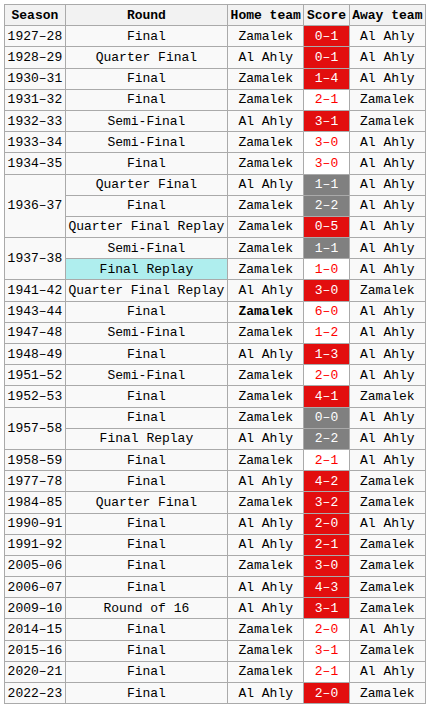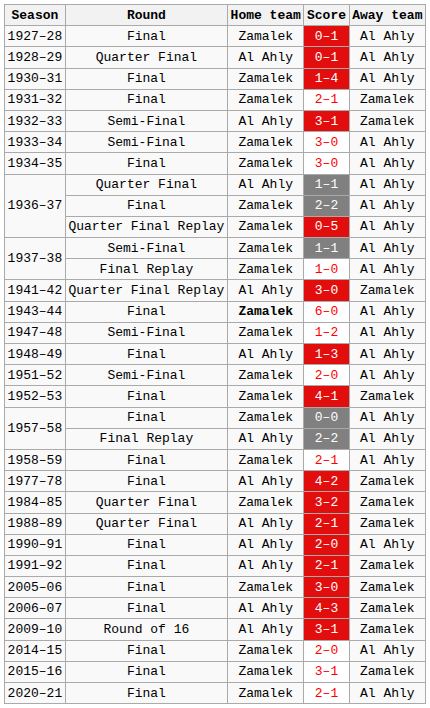 <table class="wikitable" style="text-align: center;">
 <tr>
 <th>Season</th>
 <th>Round</th>
 <th>Home team</th>
 <th>Score</th>
 <th>Away team</th>
 </tr>
 <tr>
 <td>1927–28</td>
 <td>Final</td>
 <td>Zamalek</td>
 <td style="text-align:center; background:#E20E0E; color:#FFFFFF">0–1</td>
 <td>Al Ahly</td>
 </tr>
 <tr>
 <td>1928–29</td>
 <td>Quarter Final</td>
 <td>Al Ahly</td>
 <td style="text-align:center; background:#E20E0E; color:#FFFFFF">0–1</td>
 <td>Al Ahly</td>
 </tr>
 <tr>
 <td>1930–31</td>
 <td>Final</td>
 <td>Zamalek</td>
 <td style="text-align:center; background:#E20E0E; color:#FFFFFF">1–4</td>
 <td>Al Ahly</td>
 </tr>
 <tr>
 <td>1931–32</td>
 <td>Final</td>
 <td>Zamalek</td>
 <td style="text-align:center; background:#fff;color:red;">2–1</td>
 <td>Zamalek</td>
 </tr>
 <tr>
 <td>1932–33</td>
 <td>Semi-Final</td>
 <td>Al Ahly</td>
 <td style="text-align:center; background:#E20E0E; color:#FFFFFF">3–1</td>
 <td>Zamalek</td>
 </tr>
 <tr>
 <td>1933–34</td>
 <td>Semi-Final</td>
 <td>Zamalek</td>
 <td style="text-align:center; background:#fff;color:red;">3–0</td>
 <td>Al Ahly</td>
 </tr>
 <tr>
 <td>1934–35</td>
 <td>Final</td>
 <td>Zamalek</td>
 <td style="text-align:center; background:#fff;color:red;">3–0</td>
 <td>Al Ahly</td>
 </tr>
 <tr>
 <td rowspan="3">1936–37</td>
 <td>Quarter Final</td>
 <td>Al Ahly</td>
 <td style="text-align:center; background:#808080;color:white;">1–1</td>
 <td>Al Ahly</td>
 </tr>
 <tr>
 <td>Final</td>
 <td>Zamalek</td>
 <td style="text-align:center; background:#808080;color:white;">2–2</td>
 <td>Al Ahly</td>
 </tr>
 <tr>
 <td>Quarter Final Replay</td>
 <td>Zamalek</td>
 <td style="text-align:center; background:#E20E0E; color:#FFFFFF">0–5</td>
 <td>Al Ahly</td>
 </tr>
 <tr>
 <td rowspan="2">1937–38</td>
 <td>Semi-Final</td>
 <td>Zamalek</td>
 <td style="text-align:center; background:#808080;color:white;">1–1</td>
 <td>Al Ahly</td>
 </tr>
 <tr>
-<td style="background: paleturquoise;">Final Replay</td>
+<td>Final Replay</td>
 <td>Zamalek</td>
 <td style="text-align:center; background:#fff;color:red;">1–0</td>
 <td>Al Ahly</td>
 </tr>
 <tr>
 <td>1941–42</td>
 <td>Quarter Final Replay</td>
 <td>Al Ahly</td>
 <td style="text-align:center; background:#E20E0E; color:#FFFFFF">3–0</td>
 <td>Zamalek</td>
 </tr>
 <tr>
 <td>1943–44</td>
 <td>Final</td>
 <td><strong>Zamalek</strong></td>
 <td style="text-align:center; background:#fff;color:red;">6–0</td>
 <td>Al Ahly</td>
 </tr>
 <tr>
 <td>1947–48</td>
 <td>Semi-Final</td>
 <td>Zamalek</td>
 <td style="text-align:center; background:#fff;color:red;">1–2</td>
 <td>Al Ahly</td>
 </tr>
 <tr>
 <td>1948–49</td>
 <td>Final</td>
 <td>Al Ahly</td>
 <td style="text-align:center; background:#E20E0E; color:#FFFFFF">1–3</td>
 <td>Al Ahly</td>
 </tr>
 <tr>
 <td>1951–52</td>
 <td>Semi-Final</td>
 <td>Zamalek</td>
 <td style="text-align:center; background:#fff;color:red;">2–0</td>
 <td>Al Ahly</td>
 </tr>
 <tr>
 <td>1952–53</td>
 <td>Final</td>
 <td>Zamalek</td>
 <td style="text-align:center; background:#E20E0E; color:#FFFFFF">4–1</td>
 <td>Zamalek</td>
 </tr>
 <tr>
 <td rowspan="2">1957–58</td>
 <td>Final</td>
 <td>Zamalek</td>
 <td style="text-align:center; background:#808080;color:white;">0–0</td>
 <td>Al Ahly</td>
 </tr>
 <tr>
 <td>Final Replay</td>
 <td>Al Ahly</td>
 <td style="text-align:center; background:#808080;color:white;">2–2</td>
 <td>Al Ahly</td>
 </tr>
 <tr>
 <td>1958–59</td>
 <td>Final</td>
 <td>Zamalek</td>
 <td style="text-align:center; background:#fff;color:red;">2–1</td>
 <td>Al Ahly</td>
 </tr>
 <tr>
 <td>1977–78</td>
 <td>Final</td>
 <td>Al Ahly</td>
 <td style="text-align:center; background:#E20E0E; color:#FFFFFF">4–2</td>
 <td>Zamalek</td>
 </tr>
 <tr>
 <td>1984–85</td>
 <td>Quarter Final</td>
 <td>Zamalek</td>
 <td style="text-align:center; background:#E20E0E; color:#FFFFFF">3–2</td>
 <td>Zamalek</td>
 </tr>
 <tr>
+<td>1988–89</td>
+<td>Quarter Final</td>
+<td>Al Ahly</td>
+<td style="text-align:center; background:#E20E0E; color:#FFFFFF">2–1</td>
+<td>Zamalek</td>
+</tr>
+<tr>
 <td>1990–91</td>
 <td>Final</td>
 <td>Al Ahly</td>
 <td style="text-align:center; background:#E20E0E; color:#FFFFFF">2–0</td>
 <td>Al Ahly</td>
 </tr>
 <tr>
 <td>1991–92</td>
 <td>Final</td>
 <td>Al Ahly</td>
 <td style="text-align:center; background:#E20E0E; color:#FFFFFF">2–1</td>
 <td>Zamalek</td>
 </tr>
 <tr>
 <td>2005–06</td>
 <td>Final</td>
 <td>Zamalek</td>
 <td style="text-align:center; background:#E20E0E; color:#FFFFFF">3–0</td>
 <td>Zamalek</td>
 </tr>
 <tr>
 <td>2006–07</td>
 <td>Final</td>
 <td>Al Ahly</td>
 <td style="text-align:center; background:#E20E0E; color:#FFFFFF">4–3</td>
 <td>Zamalek</td>
 </tr>
 <tr>
 <td>2009–10</td>
 <td>Round of 16</td>
 <td>Al Ahly</td>
 <td style="text-align:center; background:#E20E0E; color:#FFFFFF">3–1</td>
 <td>Zamalek</td>
 </tr>
 <tr>
 <td>2014–15</td>
 <td>Final</td>
 <td>Zamalek</td>
 <td style="text-align:center; background:#fff;color:red;">2–0</td>
 <td>Al Ahly</td>
 </tr>
 <tr>
 <td>2015–16</td>
 <td>Final</td>
 <td>Zamalek</td>
 <td style="text-align:center; background:#fff;color:red;">3–1</td>
 <td>Zamalek</td>
 </tr>
 <tr>
 <td>2020–21</td>
 <td>Final</td>
 <td>Zamalek</td>
 <td style="text-align:center; background:#fff;color:red;">2–1</td>
 <td>Al Ahly</td>
 </tr>
-<tr>
-<td>2022–23</td>
-<td>Final</td>
-<td>Al Ahly</td>
-<td style="text-align:center; background:#E20E0E; color:#FFFFFF">2–0</td>
-<td>Zamalek</td>
-</tr>
 </table>
